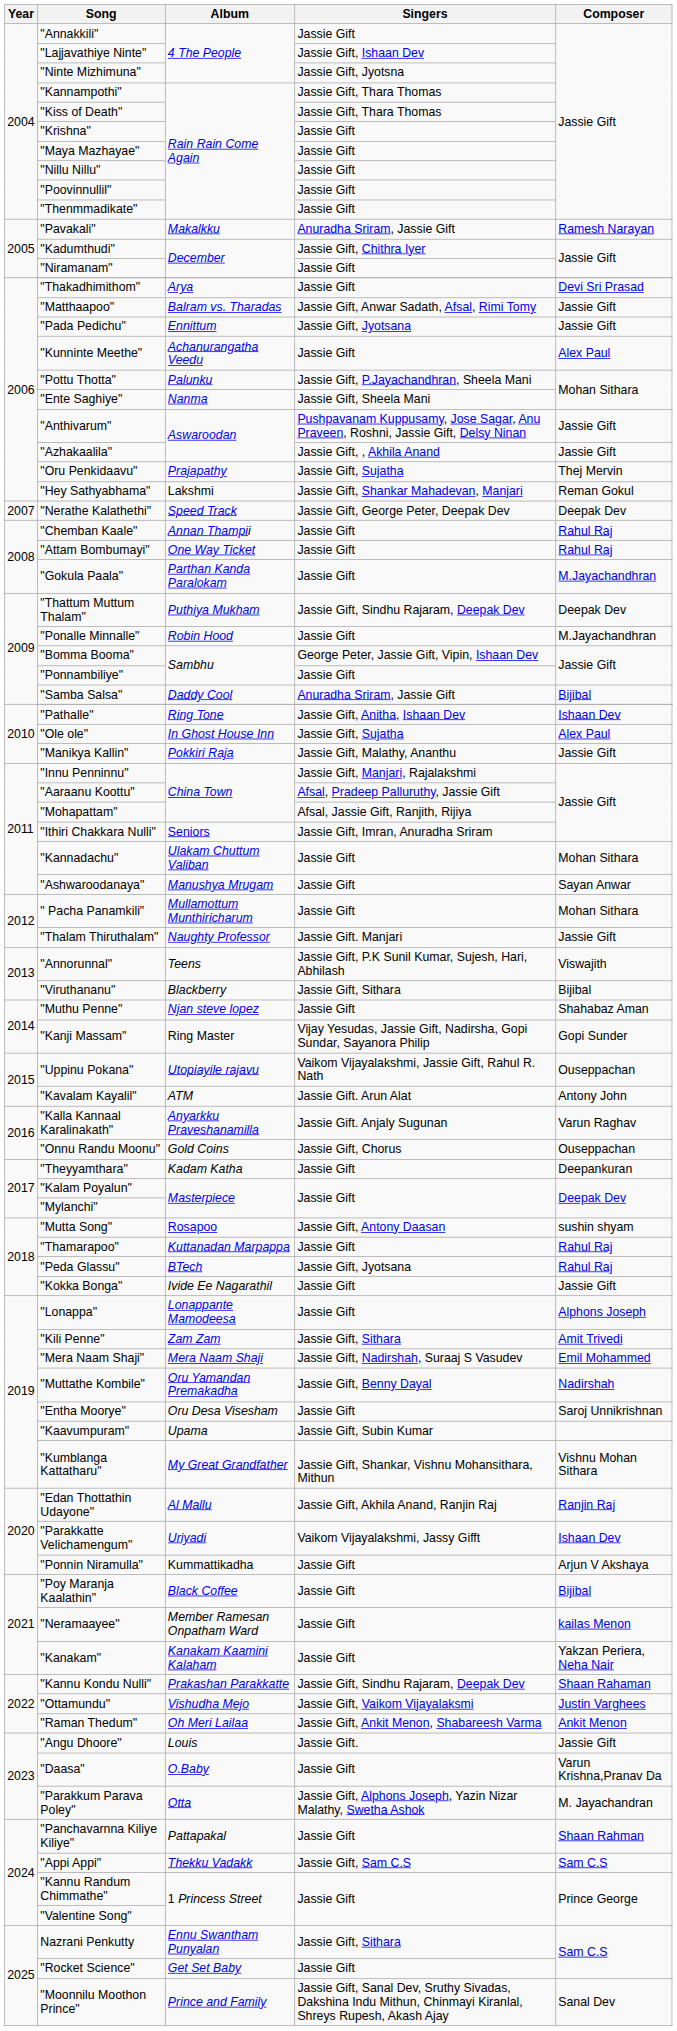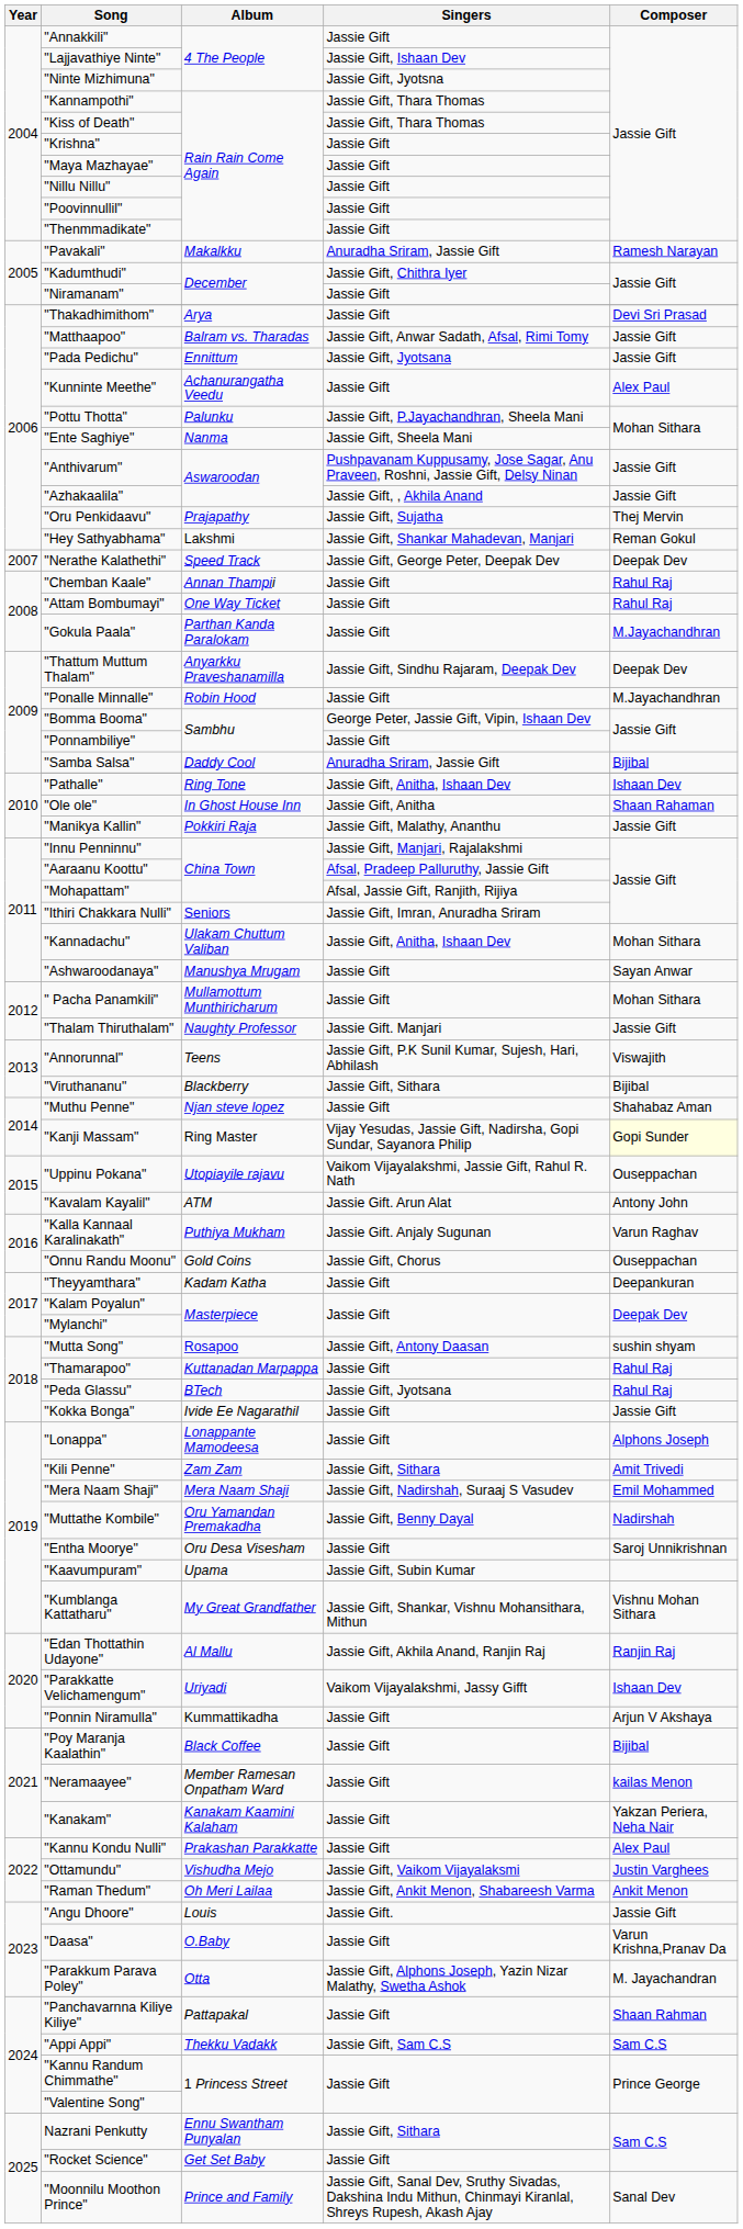 <table class="wikitable">
 <tr>
 <th>Year</th>
 <th>Song</th>
 <th>Album</th>
 <th>Singers</th>
 <th>Composer</th>
 </tr>
 <tr>
 <td rowspan="10">2004</td>
 <td>"Annakkili"</td>
 <td rowspan="3"><em><a href='#'>4 The People</a></em></td>
 <td>Jassie Gift</td>
 <td rowspan="10">Jassie Gift</td>
 </tr>
 <tr>
 <td>"Lajjavathiye Ninte"</td>
 <td>Jassie Gift, <a href='#'>Ishaan Dev</a></td>
 </tr>
 <tr>
 <td>"Ninte Mizhimuna"</td>
 <td>Jassie Gift, Jyotsna</td>
 </tr>
 <tr>
 <td>"Kannampothi"</td>
 <td rowspan="7"><em><a href='#'>Rain Rain Come Again</a></em></td>
 <td>Jassie Gift, Thara Thomas</td>
 </tr>
 <tr>
 <td>"Kiss of Death"</td>
 <td>Jassie Gift, Thara Thomas</td>
 </tr>
 <tr>
 <td>"Krishna"</td>
 <td>Jassie Gift</td>
 </tr>
 <tr>
 <td>"Maya Mazhayae"</td>
 <td>Jassie Gift</td>
 </tr>
 <tr>
 <td>"Nillu Nillu"</td>
 <td>Jassie Gift</td>
 </tr>
 <tr>
 <td>"Poovinnullil"</td>
 <td>Jassie Gift</td>
 </tr>
 <tr>
 <td>"Thenmmadikate"</td>
 <td>Jassie Gift</td>
 </tr>
 <tr>
 <td rowspan="3">2005</td>
 <td>"Pavakali"</td>
 <td><em><a href='#'>Makalkku</a></em></td>
 <td><a href='#'>Anuradha Sriram</a>, Jassie Gift</td>
 <td><a href='#'>Ramesh Narayan</a></td>
 </tr>
 <tr>
 <td>"Kadumthudi"</td>
 <td rowspan="2"><em><a href='#'>December</a></em></td>
 <td>Jassie Gift, <a href='#'>Chithra Iyer</a></td>
 <td rowspan="2">Jassie Gift</td>
 </tr>
 <tr>
 <td>"Niramanam"</td>
 <td>Jassie Gift</td>
 </tr>
 <tr>
 <td rowspan="11">2006</td>
 </tr>
 <tr>
 <td>"Thakadhimithom"</td>
 <td><em><a href='#'>Arya</a></em></td>
 <td>Jassie Gift</td>
 <td><a href='#'>Devi Sri Prasad</a></td>
 </tr>
 <tr>
 <td>"Matthaapoo"</td>
 <td><em><a href='#'>Balram vs. Tharadas</a></em></td>
 <td>Jassie Gift, Anwar Sadath, <a href='#'>Afsal</a>, <a href='#'>Rimi Tomy</a></td>
 <td>Jassie Gift</td>
 </tr>
 <tr>
 <td>"Pada Pedichu"</td>
 <td><em><a href='#'>Ennittum</a></em></td>
 <td>Jassie Gift, <a href='#'>Jyotsana</a></td>
 <td>Jassie Gift</td>
 </tr>
 <tr>
 <td>"Kunninte Meethe"</td>
 <td><em><a href='#'>Achanurangatha Veedu</a></em></td>
 <td>Jassie Gift</td>
 <td><a href='#'>Alex Paul</a></td>
 </tr>
 <tr>
 <td>"Pottu Thotta"</td>
 <td><em><a href='#'>Palunku</a></em></td>
 <td>Jassie Gift, <a href='#'>P.Jayachandhran</a>, Sheela Mani</td>
 <td rowspan="2">Mohan Sithara</td>
 </tr>
 <tr>
 <td>"Ente Saghiye"</td>
 <td><em><a href='#'>Nanma</a></em></td>
 <td>Jassie Gift, Sheela Mani</td>
 </tr>
 <tr>
 <td>"Anthivarum"</td>
 <td rowspan="2"><a href='#'><em>Aswaroodan</em></a></td>
 <td><a href='#'>Pushpavanam Kuppusamy</a>, <a href='#'>Jose Sagar</a>, <a href='#'>Anu Praveen</a>, Roshni, Jassie Gift, <a href='#'>Delsy Ninan</a></td>
 <td>Jassie Gift</td>
 </tr>
 <tr>
 <td>"Azhakaalila"</td>
 <td>Jassie Gift, , <a href='#'>Akhila Anand</a></td>
 <td>Jassie Gift</td>
 </tr>
 <tr>
 <td>"Oru Penkidaavu"</td>
 <td><em><a href='#'>Prajapathy</a></em></td>
 <td>Jassie Gift, <a href='#'>Sujatha</a></td>
 <td>Thej Mervin</td>
 </tr>
 <tr>
 <td>"Hey Sathyabhama"</td>
 <td>Lakshmi</td>
 <td>Jassie Gift, <a href='#'>Shankar Mahadevan</a>,  <a href='#'>Manjari</a></td>
 <td>Reman Gokul</td>
 </tr>
 <tr>
 <td rowspan="1">2007</td>
 <td>"Nerathe Kalathethi"</td>
 <td><em><a href='#'>Speed Track</a></em></td>
 <td>Jassie Gift, George Peter, Deepak Dev</td>
 <td>Deepak Dev</td>
 </tr>
 <tr>
 <td rowspan="3">2008</td>
 <td>"Chemban Kaale"</td>
 <td><em><a href='#'>Annan Thampi</a>i</em></td>
 <td>Jassie Gift</td>
 <td><a href='#'>Rahul Raj</a></td>
 </tr>
 <tr>
 <td>"Attam Bombumayi"</td>
 <td><a href='#'><em>One Way  Ticket</em></a></td>
 <td>Jassie Gift</td>
 <td><a href='#'>Rahul Raj</a></td>
 </tr>
 <tr>
 <td>"Gokula Paala"</td>
 <td><em><a href='#'>Parthan Kanda Paralokam</a></em></td>
 <td>Jassie Gift</td>
 <td><a href='#'>M.Jayachandhran</a></td>
 </tr>
 <tr>
 <td rowspan="5">2009</td>
 <td>"Thattum Muttum Thalam"</td>
-<td><em><a href='#'>Puthiya Mukham</a></em></td>
+<td><a href='#'><em>Anyarkku Praveshanamilla</em></a></td>
 <td>Jassie Gift, Sindhu Rajaram, <a href='#'>Deepak Dev</a></td>
 <td>Deepak Dev</td>
 </tr>
 <tr>
 <td>"Ponalle Minnalle"</td>
 <td><a href='#'><em>Robin Hood</em></a></td>
 <td>Jassie Gift</td>
 <td>M.Jayachandhran</td>
 </tr>
 <tr>
 <td>"Bomma Booma"</td>
 <td rowspan="2"><em>Sambhu</em></td>
 <td>George Peter, Jassie Gift,  Vipin, <a href='#'>Ishaan Dev</a></td>
 <td rowspan="2">Jassie Gift</td>
 </tr>
 <tr>
 <td>"Ponnambiliye"</td>
 <td>Jassie Gift</td>
 </tr>
 <tr>
 <td>"Samba Salsa"</td>
 <td><em><a href='#'>Daddy Cool</a></em></td>
 <td><a href='#'>Anuradha Sriram</a>, Jassie Gift</td>
 <td><a href='#'>Bijibal</a></td>
 </tr>
 <tr>
 <td rowspan="4">2010</td>
 </tr>
 <tr>
 <td>"Pathalle"</td>
 <td><em><a href='#'>Ring Tone</a></em></td>
 <td>Jassie Gift, <a href='#'>Anitha</a>, <a href='#'>Ishaan Dev</a></td>
 <td><a href='#'>Ishaan Dev</a></td>
 </tr>
 <tr>
 <td>"Ole ole"</td>
 <td><em><a href='#'>In Ghost House Inn</a></em></td>
-<td>Jassie Gift, <a href='#'>Sujatha</a></td>
-<td><a href='#'>Alex Paul</a></td>
+<td>Jassie Gift, Anitha</td>
+<td><a href='#'>Shaan Rahaman</a></td>
 </tr>
 <tr>
 <td>"Manikya Kallin"</td>
 <td><a href='#'><em>Pokkiri Raja</em></a></td>
 <td>Jassie Gift, Malathy, Ananthu</td>
 <td>Jassie Gift</td>
 </tr>
 <tr>
 <td rowspan="6">2011</td>
 <td>"Innu Penninnu"</td>
 <td rowspan="3"><em><a href='#'>China Town</a></em></td>
 <td>Jassie Gift, <a href='#'>Manjari</a>, Rajalakshmi</td>
 <td rowspan="4">Jassie Gift</td>
 </tr>
 <tr>
 <td>"Aaraanu Koottu"</td>
 <td><a href='#'>Afsal</a>, <a href='#'>Pradeep Palluruthy</a>, Jassie Gift</td>
 </tr>
 <tr>
 <td>"Mohapattam"</td>
 <td>Afsal, Jassie Gift, Ranjith, Rijiya</td>
 </tr>
 <tr>
 <td>"Ithiri Chakkara Nulli"</td>
 <td><a href='#'>Seniors</a></td>
 <td>Jassie Gift, Imran, Anuradha Sriram</td>
 </tr>
 <tr>
 <td>"Kannadachu"</td>
 <td><em><a href='#'>Ulakam Chuttum Valiban</a></em></td>
-<td>Jassie Gift</td>
+<td>Jassie Gift, <a href='#'>Anitha</a>, <a href='#'>Ishaan Dev</a></td>
 <td>Mohan Sithara</td>
 </tr>
 <tr>
 <td>"Ashwaroodanaya"</td>
 <td><em><a href='#'>Manushya Mrugam</a></em></td>
 <td>Jassie Gift</td>
 <td>Sayan Anwar</td>
 </tr>
 <tr>
 <td rowspan="2">2012</td>
 <td>" Pacha Panamkili"</td>
 <td><em><a href='#'>Mullamottum Munthiricharum</a></em></td>
 <td>Jassie Gift</td>
 <td>Mohan Sithara</td>
 </tr>
 <tr>
 <td>"Thalam Thiruthalam"</td>
 <td><em><a href='#'>Naughty Professor</a></em></td>
 <td>Jassie Gift. Manjari</td>
 <td>Jassie Gift</td>
 </tr>
 <tr>
 <td rowspan="2">2013</td>
 <td>"Annorunnal"</td>
 <td><em>Teens</em></td>
 <td>Jassie Gift, P.K Sunil Kumar, Sujesh, Hari, Abhilash</td>
 <td>Viswajith</td>
 </tr>
 <tr>
 <td>"Viruthananu"</td>
 <td><em>Blackberry</em></td>
 <td>Jassie Gift, Sithara</td>
 <td>Bijibal</td>
 </tr>
 <tr>
 <td rowspan="2">2014</td>
 <td>"Muthu Penne"</td>
 <td><a href='#'><em>Njan steve lopez</em></a></td>
 <td>Jassie Gift</td>
 <td>Shahabaz Aman</td>
 </tr>
 <tr>
 <td>"Kanji Massam"</td>
 <td>Ring Master</td>
 <td>Vijay Yesudas, Jassie Gift, Nadirsha, Gopi Sundar, Sayanora Philip</td>
-<td>Gopi Sunder</td>
+<td style="background: lightyellow;">Gopi Sunder</td>
 </tr>
 <tr>
 <td rowspan="2">2015</td>
 <td>"Uppinu Pokana"</td>
 <td><a href='#'><em>Utopiayile rajavu</em></a></td>
 <td>Vaikom Vijayalakshmi, Jassie Gift, Rahul R. Nath</td>
 <td>Ouseppachan</td>
 </tr>
 <tr>
 <td>"Kavalam Kayalil"</td>
 <td><em>ATM</em></td>
 <td>Jassie Gift. Arun Alat</td>
 <td>Antony John</td>
 </tr>
 <tr>
 <td rowspan="2">2016</td>
 <td>"Kalla Kannaal Karalinakath"</td>
-<td><a href='#'><em>Anyarkku Praveshanamilla</em></a></td>
+<td><em><a href='#'>Puthiya Mukham</a></em></td>
 <td>Jassie Gift. Anjaly Sugunan</td>
 <td>Varun Raghav</td>
 </tr>
 <tr>
 <td>"Onnu Randu Moonu"</td>
 <td><em>Gold Coins</em></td>
 <td>Jassie Gift, Chorus</td>
 <td>Ouseppachan</td>
 </tr>
 <tr>
 <td rowspan="3">2017</td>
 <td>"Theyyamthara"</td>
 <td><em>Kadam Katha</em></td>
 <td>Jassie Gift</td>
 <td>Deepankuran</td>
 </tr>
 <tr>
 <td>"Kalam Poyalun"</td>
 <td rowspan="2"><a href='#'><em>Masterpiece</em></a></td>
 <td rowspan="2">Jassie Gift</td>
 <td rowspan="2"><a href='#'>Deepak Dev</a></td>
 </tr>
 <tr>
 <td>"Mylanchi"</td>
 </tr>
 <tr>
 <td rowspan="4">2018</td>
 <td>"Mutta Song"</td>
 <td><a href='#'>Rosapoo</a></td>
 <td>Jassie Gift, <a href='#'>Antony Daasan</a></td>
 <td>sushin shyam</td>
 </tr>
 <tr>
 <td>"Thamarapoo"</td>
 <td><em><a href='#'>Kuttanadan Marpappa</a></em></td>
 <td>Jassie Gift</td>
 <td><a href='#'>Rahul Raj</a></td>
 </tr>
 <tr>
 <td>"Peda Glassu"</td>
 <td><a href='#'><em>BTech</em></a></td>
 <td>Jassie Gift, Jyotsana</td>
 <td><a href='#'>Rahul Raj</a></td>
 </tr>
 <tr>
 <td>"Kokka Bonga"</td>
 <td><em>Ivide Ee Nagarathil</em></td>
 <td>Jassie Gift</td>
 <td>Jassie Gift</td>
 </tr>
 <tr>
 <td rowspan="7">2019</td>
 <td>"Lonappa"</td>
 <td><em><a href='#'>Lonappante Mamodeesa</a></em></td>
 <td>Jassie Gift</td>
 <td><a href='#'>Alphons Joseph</a></td>
 </tr>
 <tr>
 <td>"Kili Penne"</td>
 <td><a href='#'><em>Zam Zam</em></a></td>
 <td>Jassie Gift, <a href='#'>Sithara</a></td>
 <td><a href='#'>Amit Trivedi</a></td>
 </tr>
 <tr>
 <td>"Mera Naam Shaji"</td>
 <td><em><a href='#'>Mera Naam Shaji</a></em></td>
 <td>Jassie Gift, <a href='#'>Nadirshah</a>, Suraaj S Vasudev</td>
 <td><a href='#'>Emil Mohammed</a></td>
 </tr>
 <tr>
 <td>"Muttathe Kombile"</td>
 <td><em><a href='#'>Oru Yamandan Premakadha</a></em></td>
 <td>Jassie Gift, <a href='#'>Benny Dayal</a></td>
 <td><a href='#'>Nadirshah</a></td>
 </tr>
 <tr>
 <td>"Entha Moorye"</td>
 <td><em>Oru Desa Visesham</em></td>
 <td>Jassie Gift</td>
 <td>Saroj Unnikrishnan</td>
 </tr>
 <tr>
 <td>"Kaavumpuram"</td>
 <td><em>Upama</em></td>
 <td>Jassie Gift, Subin Kumar</td>
 </tr>
 <tr>
 <td>"Kumblanga Kattatharu"</td>
 <td><em><a href='#'>My Great Grandfather</a></em></td>
 <td><br>Jassie Gift, Shankar, Vishnu Mohansithara, Mithun</td>
 <td>Vishnu Mohan Sithara</td>
 </tr>
 <tr>
 <td rowspan="3">2020</td>
 <td>"Edan Thottathin Udayone"</td>
 <td><em><a href='#'>Al Mallu</a></em></td>
 <td>Jassie Gift, Akhila Anand, Ranjin Raj</td>
 <td><a href='#'>Ranjin Raj</a></td>
 </tr>
 <tr>
 <td>"Parakkatte Velichamengum"</td>
 <td><a href='#'><em>Uriyadi</em></a></td>
 <td>Vaikom Vijayalakshmi, Jassy Gifft</td>
 <td><a href='#'>Ishaan Dev</a></td>
 </tr>
 <tr>
 <td>"Ponnin Niramulla"</td>
 <td>Kummattikadha</td>
 <td>Jassie Gift</td>
 <td>Arjun V Akshaya</td>
 </tr>
 <tr>
 <td rowspan="3">2021</td>
 <td>"Poy Maranja Kaalathin"</td>
 <td><a href='#'><em>Black Coffee</em></a></td>
 <td>Jassie Gift</td>
 <td><a href='#'>Bijibal</a></td>
 </tr>
 <tr>
 <td>"Neramaayee"</td>
 <td><em>Member Ramesan Onpatham Ward</em></td>
 <td>Jassie Gift</td>
 <td><a href='#'>kailas Menon</a></td>
 </tr>
 <tr>
 <td>"Kanakam"</td>
 <td><em><a href='#'>Kanakam Kaamini Kalaham</a></em></td>
 <td>Jassie Gift</td>
 <td>Yakzan Periera,<br><a href='#'>Neha Nair</a></td>
 </tr>
 <tr>
 <td rowspan="3">2022</td>
 <td>"Kannu Kondu Nulli"</td>
 <td><em><a href='#'>Prakashan Parakkatte</a></em></td>
-<td>Jassie Gift, Sindhu Rajaram, <a href='#'>Deepak Dev</a></td>
-<td><a href='#'>Shaan Rahaman</a></td>
+<td>Jassie Gift</td>
+<td><a href='#'>Alex Paul</a></td>
 </tr>
 <tr>
 <td>"Ottamundu"</td>
 <td><em><a href='#'>Vishudha Mejo</a></em></td>
 <td>Jassie Gift, <a href='#'>Vaikom Vijayalaksmi</a></td>
 <td><a href='#'>Justin Varghees</a></td>
 </tr>
 <tr>
 <td>"Raman Thedum"</td>
 <td><em><a href='#'>Oh Meri Lailaa</a></em></td>
 <td>Jassie Gift, <a href='#'>Ankit Menon</a>, <a href='#'>Shabareesh Varma</a></td>
 <td><a href='#'>Ankit Menon</a></td>
 </tr>
 <tr>
 <td rowspan="3">2023</td>
 <td>"Angu Dhoore"</td>
 <td><em>Louis</em></td>
 <td>Jassie Gift.</td>
 <td>Jassie Gift</td>
 </tr>
 <tr>
 <td>"Daasa"</td>
 <td><a href='#'><em>O.Baby</em></a></td>
 <td>Jassie Gift</td>
 <td>Varun Krishna,Pranav Da</td>
 </tr>
 <tr>
 <td>"Parakkum Parava Poley"</td>
 <td><a href='#'><em>Otta</em></a></td>
 <td>Jassie Gift, <a href='#'>Alphons Joseph</a>, Yazin Nizar Malathy, <a href='#'>Swetha Ashok</a></td>
 <td>M. Jayachandran</td>
 </tr>
 <tr>
 <td rowspan="4">2024</td>
 <td>"Panchavarnna Kiliye Kiliye"</td>
 <td><em>Pattapakal</em></td>
 <td>Jassie Gift</td>
 <td><a href='#'>Shaan Rahman</a></td>
 </tr>
 <tr>
 <td>"Appi Appi"</td>
 <td><a href='#'><em>Thekku Vadakk</em></a></td>
 <td>Jassie Gift, <a href='#'>Sam C.S</a></td>
 <td><a href='#'>Sam C.S</a></td>
 </tr>
 <tr>
 <td>"Kannu Randum Chimmathe"</td>
 <td rowspan="2">1 <em>Princess Street</em></td>
 <td rowspan="2">Jassie Gift</td>
 <td rowspan="2">Prince George</td>
 </tr>
 <tr>
 <td>"Valentine Song"</td>
 </tr>
 <tr>
 <td rowspan="4">2025</td>
 <td>Nazrani Penkutty</td>
 <td><a href='#'><em>Ennu Swantham Punyalan</em></a></td>
 <td>Jassie Gift, <a href='#'>Sithara</a></td>
 <td rowspan="2"Sam><a href='#'>Sam C.S</a></td>
 </tr>
 <tr>
 <td>"Rocket Science"</td>
 <td><a href='#'><em>Get Set Baby</em></a></td>
 <td>Jassie Gift</td>
 </tr>
 <tr>
 <td>"Moonnilu Moothon Prince"</td>
 <td><a href='#'><em>Prince and Family</em></a></td>
 <td>Jassie Gift, Sanal Dev, Sruthy Sivadas,  Dakshina Indu Mithun, Chinmayi Kiranlal, Shreys Rupesh, Akash Ajay</td>
 <td>Sanal Dev</td>
 </tr>
 </table>
